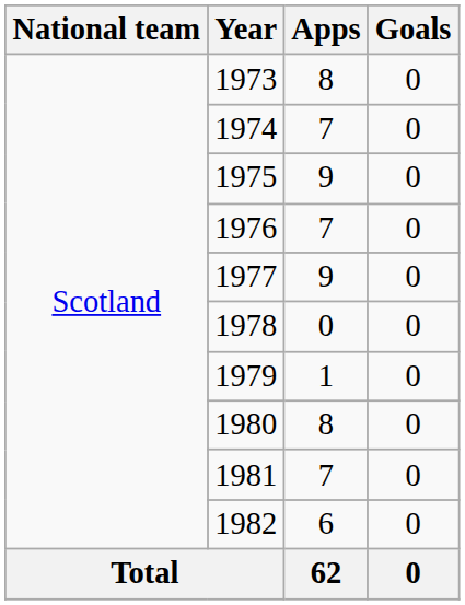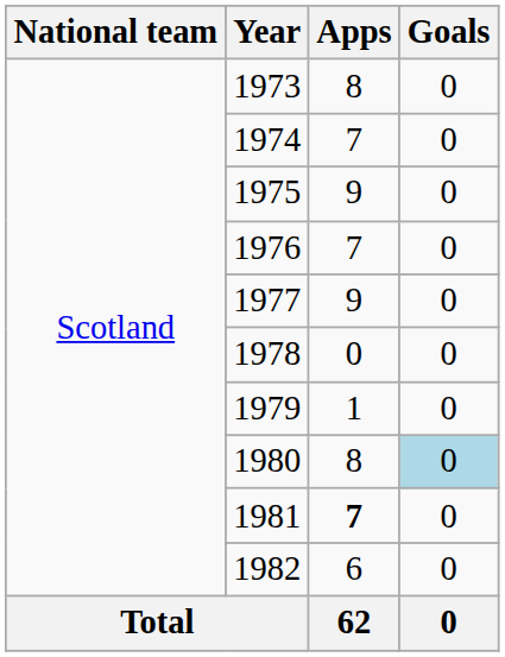 <table class="wikitable" style="text-align:center">
 <tr>
 <th>National team</th>
 <th>Year</th>
 <th>Apps</th>
 <th>Goals</th>
 </tr>
 <tr>
 <td rowspan="10"><a href='#'>Scotland</a></td>
 <td>1973</td>
 <td>8</td>
 <td>0</td>
 </tr>
 <tr>
 <td>1974</td>
 <td>7</td>
 <td>0</td>
 </tr>
 <tr>
 <td>1975</td>
 <td>9</td>
 <td>0</td>
 </tr>
 <tr>
 <td>1976</td>
 <td>7</td>
 <td>0</td>
 </tr>
 <tr>
 <td>1977</td>
 <td>9</td>
 <td>0</td>
 </tr>
 <tr>
 <td>1978</td>
 <td>0</td>
 <td>0</td>
 </tr>
 <tr>
 <td>1979</td>
 <td>1</td>
 <td>0</td>
 </tr>
 <tr>
 <td>1980</td>
 <td>8</td>
-<td>0</td>
+<td style="background: lightblue;">0</td>
 </tr>
 <tr>
 <td>1981</td>
-<td>7</td>
+<td><strong>7</strong></td>
 <td>0</td>
 </tr>
 <tr>
 <td>1982</td>
 <td>6</td>
 <td>0</td>
 </tr>
 <tr>
 <th colspan="2">Total</th>
 <th>62</th>
 <th>0</th>
 </tr>
 </table>
